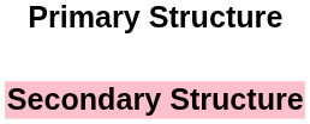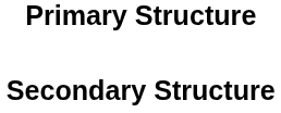 <table>
 <tr>
 <td align=center><strong>Primary Structure</strong></td>
 </tr>
 <tr>
 <td><br></td>
 </tr>
 <tr>
-<td align=center style="background: pink;"><strong>Secondary Structure</strong></td>
+<td align=center><strong>Secondary Structure</strong></td>
 </tr>
 <tr>
 <td><br></td>
 </tr>
 <tr>
 </tr>
 </table>
